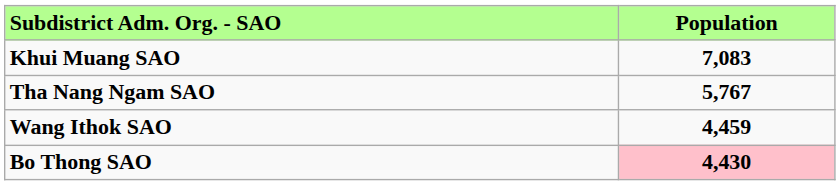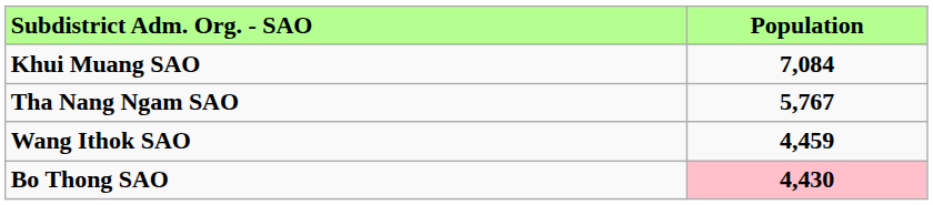 <table class="wikitable" style="width:48%; display:inline-table;">
 <tr>
 <th scope="col" style= "width:74%; background: #b4ff90; text-align:left;"><strong>Subdistrict Adm. Org. - SAO</strong></th>
 <td scope="col" style= "width:26%; background: #b4ff90; text-align:center;"><strong>Population</strong></td>
 </tr>
 <tr>
 <td><strong>Khui Muang SAO</strong></td>
-<td style="text-align:center;"><strong>7,083</strong></td>
+<td style="text-align:center;"><strong>7,084</strong></td>
 </tr>
 <tr>
 <td><strong>Tha Nang Ngam SAO</strong></td>
 <td style="text-align:center;"><strong>5,767</strong></td>
 </tr>
 <tr>
 <td><strong>Wang Ithok SAO</strong></td>
 <td style="text-align:center;"><strong>4,459</strong></td>
 </tr>
 <tr>
 <td><strong>Bo Thong SAO</strong></td>
 <td style="background: pink; text-align:center;"><strong>4,430</strong></td>
 </tr>
 </table>
